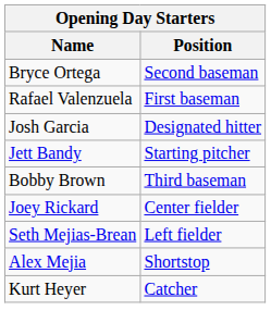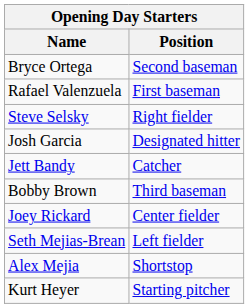 <table class="wikitable" style="text-align:left">
 <tr>
 <th colspan="2">Opening Day Starters</th>
 </tr>
 <tr>
 <th>Name</th>
 <th>Position</th>
 </tr>
 <tr>
 <td>Bryce Ortega</td>
 <td><a href='#'>Second baseman</a></td>
 </tr>
 <tr>
 <td>Rafael Valenzuela</td>
 <td><a href='#'>First baseman</a></td>
 </tr>
 <tr>
+<td><a href='#'>Steve Selsky</a></td>
+<td><a href='#'>Right fielder</a></td>
+</tr>
+<tr>
 <td>Josh Garcia</td>
 <td><a href='#'>Designated hitter</a></td>
 </tr>
 <tr>
 <td><a href='#'>Jett Bandy</a></td>
-<td><a href='#'>Starting pitcher</a></td>
+<td><a href='#'>Catcher</a></td>
 </tr>
 <tr>
 <td>Bobby Brown</td>
 <td><a href='#'>Third baseman</a></td>
 </tr>
 <tr>
 <td><a href='#'>Joey Rickard</a></td>
 <td><a href='#'>Center fielder</a></td>
 </tr>
 <tr>
 <td><a href='#'>Seth Mejias-Brean</a></td>
 <td><a href='#'>Left fielder</a></td>
 </tr>
 <tr>
 <td><a href='#'>Alex Mejia</a></td>
 <td><a href='#'>Shortstop</a></td>
 </tr>
 <tr>
 <td>Kurt Heyer</td>
-<td><a href='#'>Catcher</a></td>
+<td><a href='#'>Starting pitcher</a></td>
 </tr>
 </table>
